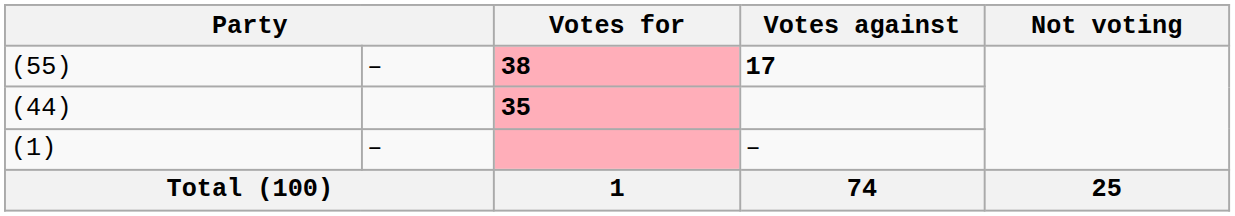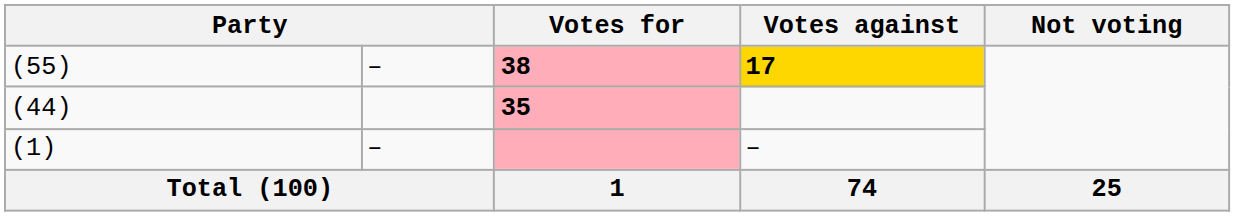 <table class="wikitable" style="width:50%;">
 <tr>
 <th colspan="2">Party</th>
 <th style="width:20%;">Votes for</th>
 <th style="width:20%;">Votes against</th>
 <th style="width:20%;">Not voting</th>
 </tr>
 <tr>
 <td> (55)</td>
 <td>–</td>
 <td style="background-color:#ffaeb9;"><strong>38</strong></td>
-<td><strong>17</strong></td>
+<td style="background: gold;"><strong>17</strong></td>
 </tr>
 <tr>
 <td> (44)</td>
 <td></td>
 <td style="background-color:#ffaeb9;"><strong>35</strong></td>
 <td></td>
 </tr>
 <tr>
 <td> (1)</td>
 <td>–</td>
 <td style="background-color:#ffaeb9;"></td>
 <td>–</td>
 </tr>
 <tr>
 <th colspan="2">Total (100)</th>
 <th>1</th>
 <th>74</th>
 <th>25</th>
 </tr>
 </table>
